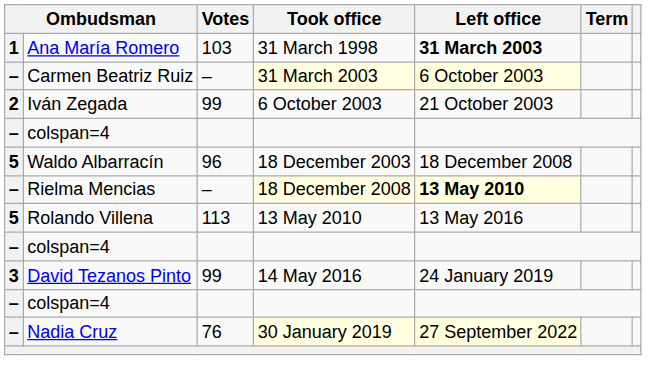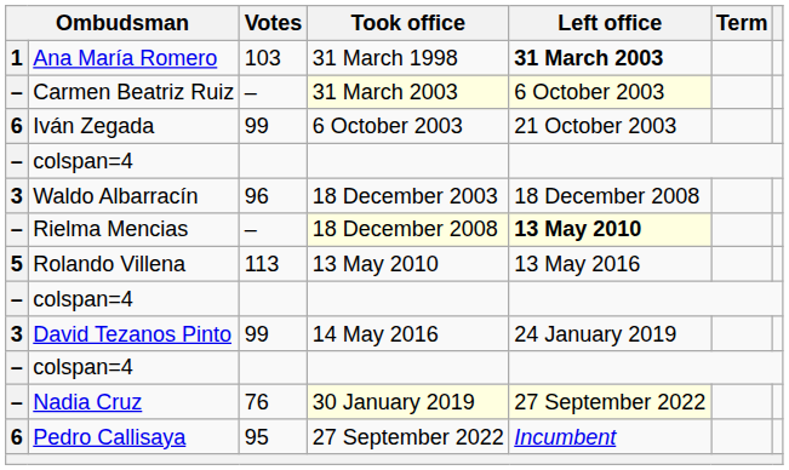 <table class="wikitable" style="font-size: 90%;">
 <tr>
 <th colspan=2>Ombudsman</th>
 <th>Votes</th>
 <th>Took office</th>
 <th>Left office</th>
 <th>Term</th>
 <th></th>
 </tr>
 <tr>
 <th bgcolor="#EAECF0">1</th>
 <td><a href='#'>Ana María Romero</a></td>
 <td>103</td>
 <td>31 March 1998</td>
 <td><strong>31 March 2003</strong></td>
 <td></td>
 <td></td>
 </tr>
 <tr>
 <th bgcolor="#EAECF0">–</th>
 <td>Carmen Beatriz Ruiz</td>
 <td>–</td>
 <td style="background-color:#FFFFE0;">31 March 2003</td>
 <td style="background-color:#FFFFE0;">6 October 2003</td>
 <td></td>
 <td></td>
 </tr>
 <tr>
-<th bgcolor="#EAECF0">2</th>
+<th bgcolor="#EAECF0">6</th>
 <td>Iván Zegada</td>
 <td>99</td>
 <td>6 October 2003</td>
 <td>21 October 2003</td>
 <td></td>
 <td></td>
 </tr>
 <tr>
 <th bgcolor="#EAECF0">–</th>
 <td>colspan=4 </td>
 <td></td>
 <td></td>
 </tr>
 <tr>
-<th bgcolor="#EAECF0">5</th>
+<th bgcolor="#EAECF0">3</th>
 <td>Waldo Albarracín</td>
 <td>96</td>
 <td>18 December 2003</td>
 <td>18 December 2008</td>
 <td></td>
 <td></td>
 </tr>
 <tr>
 <th bgcolor="#EAECF0">–</th>
 <td>Rielma Mencias</td>
 <td>–</td>
 <td style="background-color:#FFFFE0;">18 December 2008</td>
 <td style="background-color:#FFFFE0;"><strong>13 May 2010</strong></td>
 <td></td>
 <td></td>
 </tr>
 <tr>
 <th bgcolor="#EAECF0">5</th>
 <td>Rolando Villena</td>
 <td>113</td>
 <td>13 May 2010</td>
 <td>13 May 2016</td>
 <td></td>
 <td></td>
 </tr>
 <tr>
 <th bgcolor="#EAECF0">–</th>
 <td>colspan=4 </td>
 <td></td>
 <td></td>
 </tr>
 <tr>
 <th bgcolor="#EAECF0">3</th>
 <td><a href='#'>David Tezanos Pinto</a></td>
 <td>99</td>
 <td>14 May 2016</td>
 <td>24 January 2019</td>
 <td></td>
 <td></td>
 </tr>
 <tr>
 <th bgcolor="#EAECF0">–</th>
 <td>colspan=4 </td>
 <td></td>
 <td></td>
 </tr>
 <tr>
 <th bgcolor="#EAECF0">–</th>
 <td><a href='#'>Nadia Cruz</a></td>
 <td>76</td>
 <td style="background-color:#FFFFE0;">30 January 2019</td>
 <td style="background-color:#FFFFE0;">27 September 2022</td>
 <td></td>
 <td></td>
 </tr>
 <tr>
+<th bgcolor="#EAECF0">6</th>
+<td><a href='#'>Pedro Callisaya</a></td>
+<td>95</td>
+<td>27 September 2022</td>
+<td><em><a href='#'>Incumbent</a></em></td>
+<td></td>
+<td></td>
+</tr>
+<tr>
 <th bgcolor="#EAECF0" colspan=7></th>
 </tr>
 </table>
